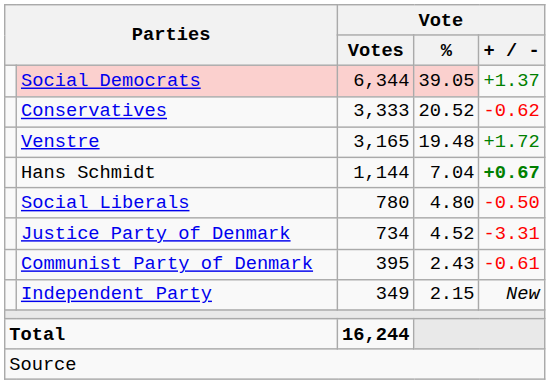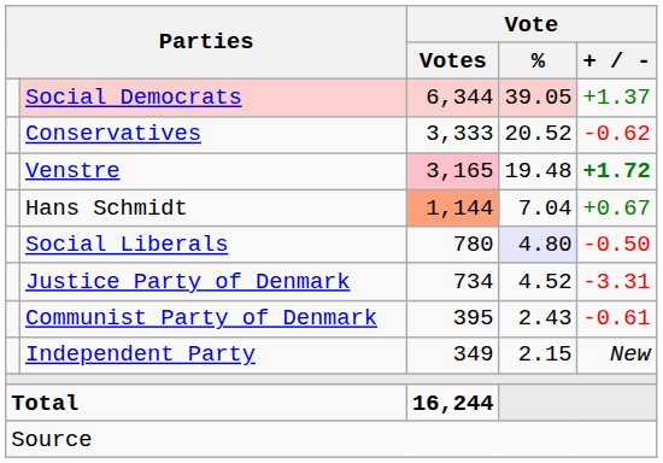 <table class="wikitable" style="text-align:right;">
 <tr>
 <th style="text-align:centre;" rowspan="2" colspan="2" width="225">Parties</th>
 <th colspan="3">Vote</th>
 </tr>
 <tr>
 <th width="15">Votes</th>
 <th width="15">%</th>
 <th width="15">+ / -</th>
 </tr>
 <tr>
 <td width="2" style="color:inherit;background:"></td>
 <td bgcolor=#fbd0ce  align="left"><a href='#'>Social Democrats</a></td>
 <td bgcolor=#fbd0ce>6,344</td>
 <td bgcolor=#fbd0ce>39.05</td>
 <td style=color:green;>+1.37</td>
 </tr>
 <tr>
 <td width="2" style="color:inherit;background:"></td>
 <td align="left"><a href='#'>Conservatives</a></td>
 <td>3,333</td>
 <td>20.52</td>
 <td style=color:red;>-0.62</td>
 </tr>
 <tr>
 <td width="2" style="color:inherit;background:"></td>
 <td align="left"><a href='#'>Venstre</a></td>
-<td>3,165</td>
+<td style="background: pink;">3,165</td>
 <td>19.48</td>
-<td style=color:green;>+1.72</td>
+<td style=color:green;><strong>+1.72</strong></td>
 </tr>
 <tr>
 <td width="2" style="color:inherit;background:"></td>
 <td align="left">Hans Schmidt</td>
-<td>1,144</td>
+<td style="background: lightsalmon;">1,144</td>
 <td>7.04</td>
-<td style=color:green;><strong>+0.67</strong></td>
+<td style=color:green;>+0.67</td>
 </tr>
 <tr>
 <td width="2" style="color:inherit;background:"></td>
 <td align="left"><a href='#'>Social Liberals</a></td>
 <td>780</td>
-<td>4.80</td>
+<td style="background: lavender;">4.80</td>
 <td style=color:red;>-0.50</td>
 </tr>
 <tr>
 <td width="2" style="color:inherit;background:"></td>
 <td align="left"><a href='#'>Justice Party of Denmark</a></td>
 <td>734</td>
 <td>4.52</td>
 <td style=color:red;>-3.31</td>
 </tr>
 <tr>
 <td width="2" style="color:inherit;background:"></td>
 <td align="left"><a href='#'>Communist Party of Denmark</a></td>
 <td>395</td>
 <td>2.43</td>
 <td style=color:red;>-0.61</td>
 </tr>
 <tr>
 <td width="2" style="color:inherit;background:"></td>
 <td align="left"><a href='#'>Independent Party</a></td>
 <td>349</td>
 <td>2.15</td>
 <td><em>New</em></td>
 </tr>
 <tr>
 <td colspan="7" bgcolor="#E9E9E9"></td>
 </tr>
 <tr>
 <td align="left" colspan="2"><strong>Total</strong></td>
 <td><strong>16,244</strong></td>
 <td bgcolor="#E9E9E9" colspan="2"></td>
 </tr>
 <tr>
 <td align="left" colspan="6">Source</td>
 </tr>
 </table>
